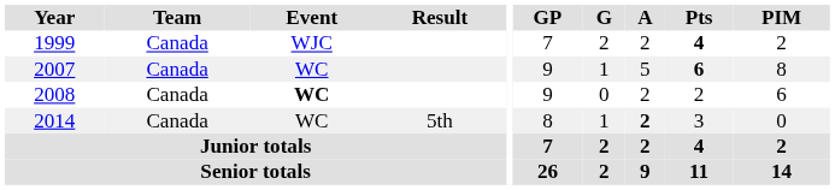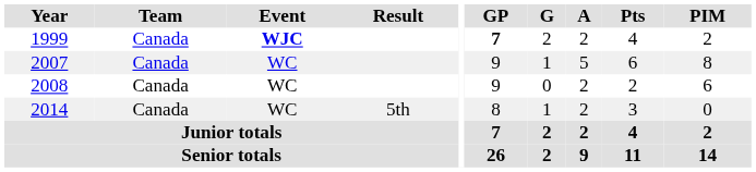 <table border="0" cellpadding="1" cellspacing="0" ID="Table3" style="text-align:center; width:40em">
 <tr ALIGN="center" bgcolor="#e0e0e0">
 <th>Year</th>
 <th>Team</th>
 <th>Event</th>
 <th>Result</th>
 <th rowspan="99" bgcolor="#ffffff"></th>
 <th>GP</th>
 <th>G</th>
 <th>A</th>
 <th>Pts</th>
 <th>PIM</th>
 </tr>
 <tr ALIGN="center">
 <td><a href='#'>1999</a></td>
 <td><a href='#'>Canada</a></td>
-<td><a href='#'>WJC</a></td>
+<td><strong><a href='#'>WJC</a></strong></td>
 <td></td>
-<td>7</td>
+<td><strong>7</strong></td>
 <td>2</td>
 <td>2</td>
-<td><strong>4</strong></td>
+<td>4</td>
 <td>2</td>
 </tr>
 <tr ALIGN="center" bgcolor="#f0f0f0">
 <td><a href='#'>2007</a></td>
 <td><a href='#'>Canada</a></td>
 <td><a href='#'>WC</a></td>
 <td></td>
 <td>9</td>
 <td>1</td>
 <td>5</td>
-<td><strong>6</strong></td>
+<td>6</td>
 <td>8</td>
 </tr>
 <tr ALIGN="center">
 <td><a href='#'>2008</a></td>
 <td>Canada</td>
-<td><strong>WC</strong></td>
+<td>WC</td>
 <td></td>
 <td>9</td>
 <td>0</td>
 <td>2</td>
 <td>2</td>
 <td>6</td>
 </tr>
 <tr ALIGN="center" bgcolor="#f0f0f0">
 <td><a href='#'>2014</a></td>
 <td>Canada</td>
 <td>WC</td>
 <td>5th</td>
 <td>8</td>
 <td>1</td>
-<td><strong>2</strong></td>
+<td>2</td>
 <td>3</td>
 <td>0</td>
 </tr>
 <tr bgcolor="#e0e0e0">
 <th colspan="4">Junior totals</th>
 <th>7</th>
 <th>2</th>
 <th>2</th>
 <th>4</th>
 <th>2</th>
 </tr>
 <tr bgcolor="#e0e0e0">
 <th colspan="4">Senior totals</th>
 <th>26</th>
 <th>2</th>
 <th>9</th>
 <th>11</th>
 <th>14</th>
 </tr>
 </table>
